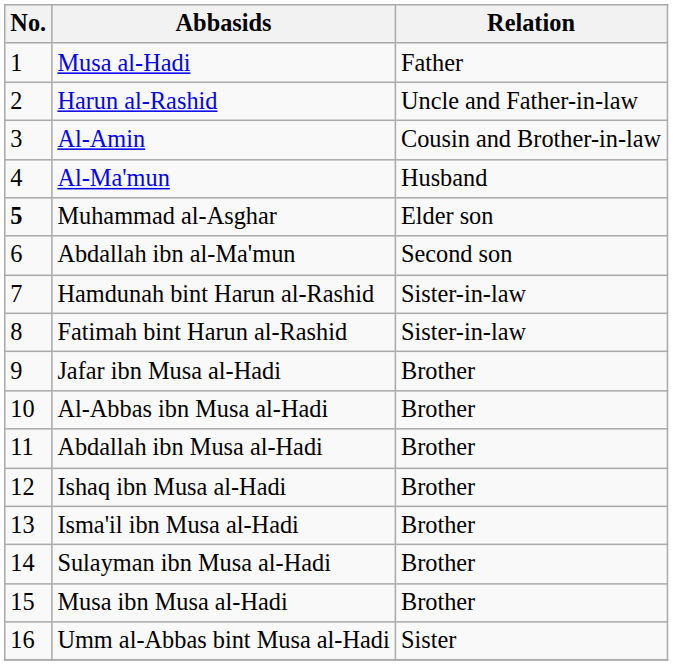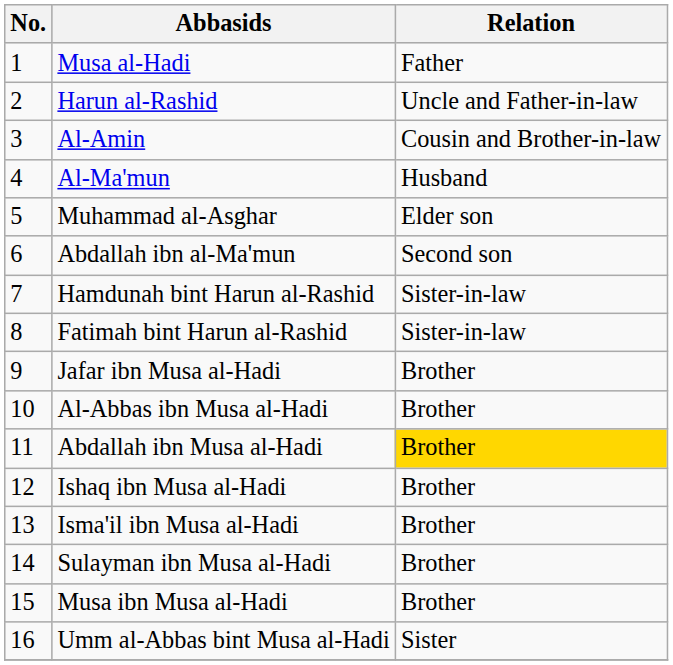 <table class="wikitable" border="2">
 <tr>
 <th>No.</th>
 <th>Abbasids</th>
 <th>Relation</th>
 </tr>
 <tr>
 <td>1</td>
 <td><a href='#'>Musa al-Hadi</a></td>
 <td>Father</td>
 </tr>
 <tr>
 <td>2</td>
 <td><a href='#'>Harun al-Rashid</a></td>
 <td>Uncle and Father-in-law</td>
 </tr>
 <tr>
 <td>3</td>
 <td><a href='#'>Al-Amin</a></td>
 <td>Cousin and Brother-in-law</td>
 </tr>
 <tr>
 <td>4</td>
 <td><a href='#'>Al-Ma'mun</a></td>
 <td>Husband</td>
 </tr>
 <tr>
-<td><strong>5</strong></td>
+<td>5</td>
 <td>Muhammad al-Asghar</td>
 <td>Elder son</td>
 </tr>
 <tr>
 <td>6</td>
 <td>Abdallah ibn al-Ma'mun</td>
 <td>Second son</td>
 </tr>
 <tr>
 <td>7</td>
 <td>Hamdunah bint Harun al-Rashid</td>
 <td>Sister-in-law</td>
 </tr>
 <tr>
 <td>8</td>
 <td>Fatimah bint Harun al-Rashid</td>
 <td>Sister-in-law</td>
 </tr>
 <tr>
 <td>9</td>
 <td>Jafar ibn Musa al-Hadi</td>
 <td>Brother</td>
 </tr>
 <tr>
 <td>10</td>
 <td>Al-Abbas ibn Musa al-Hadi</td>
 <td>Brother</td>
 </tr>
 <tr>
 <td>11</td>
 <td>Abdallah ibn Musa al-Hadi</td>
-<td>Brother</td>
+<td style="background: gold;">Brother</td>
 </tr>
 <tr>
 <td>12</td>
 <td>Ishaq ibn Musa al-Hadi</td>
 <td>Brother</td>
 </tr>
 <tr>
 <td>13</td>
 <td>Isma'il ibn Musa al-Hadi</td>
 <td>Brother</td>
 </tr>
 <tr>
 <td>14</td>
 <td>Sulayman ibn Musa al-Hadi</td>
 <td>Brother</td>
 </tr>
 <tr>
 <td>15</td>
 <td>Musa ibn Musa al-Hadi</td>
 <td>Brother</td>
 </tr>
 <tr>
 <td>16</td>
 <td>Umm al-Abbas bint Musa al-Hadi</td>
 <td>Sister</td>
 </tr>
 <tr>
 </tr>
 </table>
